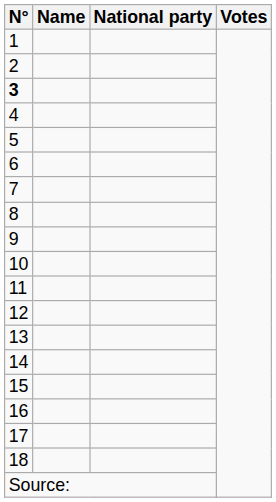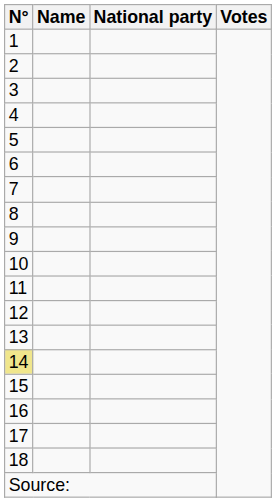 <table class="wikitable sortable" style="font-size:95%;line-height:14px;">
 <tr>
 <th>N°</th>
 <th>Name</th>
 <th colspan="2">National party</th>
 <th>Votes</th>
 </tr>
 <tr>
 <td>1</td>
 <td></td>
 <td></td>
 </tr>
 <tr>
 <td>2</td>
 <td></td>
 <td></td>
 </tr>
 <tr>
-<td><strong>3</strong></td>
+<td>3</td>
 <td><em></em></td>
 <td></td>
 </tr>
 <tr>
 <td>4</td>
 <td></td>
 <td></td>
 </tr>
 <tr>
 <td>5</td>
 <td><em></em></td>
 <td></td>
 </tr>
 <tr>
 <td>6</td>
 <td></td>
 <td></td>
 </tr>
 <tr>
 <td>7</td>
 <td></td>
 <td></td>
 </tr>
 <tr>
 <td>8</td>
 <td></td>
 <td></td>
 </tr>
 <tr>
 <td>9</td>
 <td></td>
 <td></td>
 </tr>
 <tr>
 <td>10</td>
 <td></td>
 <td></td>
 </tr>
 <tr>
 <td>11</td>
 <td></td>
 <td></td>
 </tr>
 <tr>
 <td>12</td>
 <td></td>
 <td></td>
 </tr>
 <tr>
 <td>13</td>
 <td></td>
 <td></td>
 </tr>
 <tr>
-<td>14</td>
+<td style="background: khaki;">14</td>
 <td></td>
 <td></td>
 </tr>
 <tr>
 <td>15</td>
 <td></td>
 <td></td>
 </tr>
 <tr>
 <td>16</td>
 <td></td>
 <td></td>
 </tr>
 <tr>
 <td>17</td>
 <td></td>
 <td></td>
 </tr>
 <tr>
 <td>18</td>
 <td></td>
 <td></td>
 </tr>
 <tr>
 <td colspan="3">Source: </td>
 </tr>
 </table>
